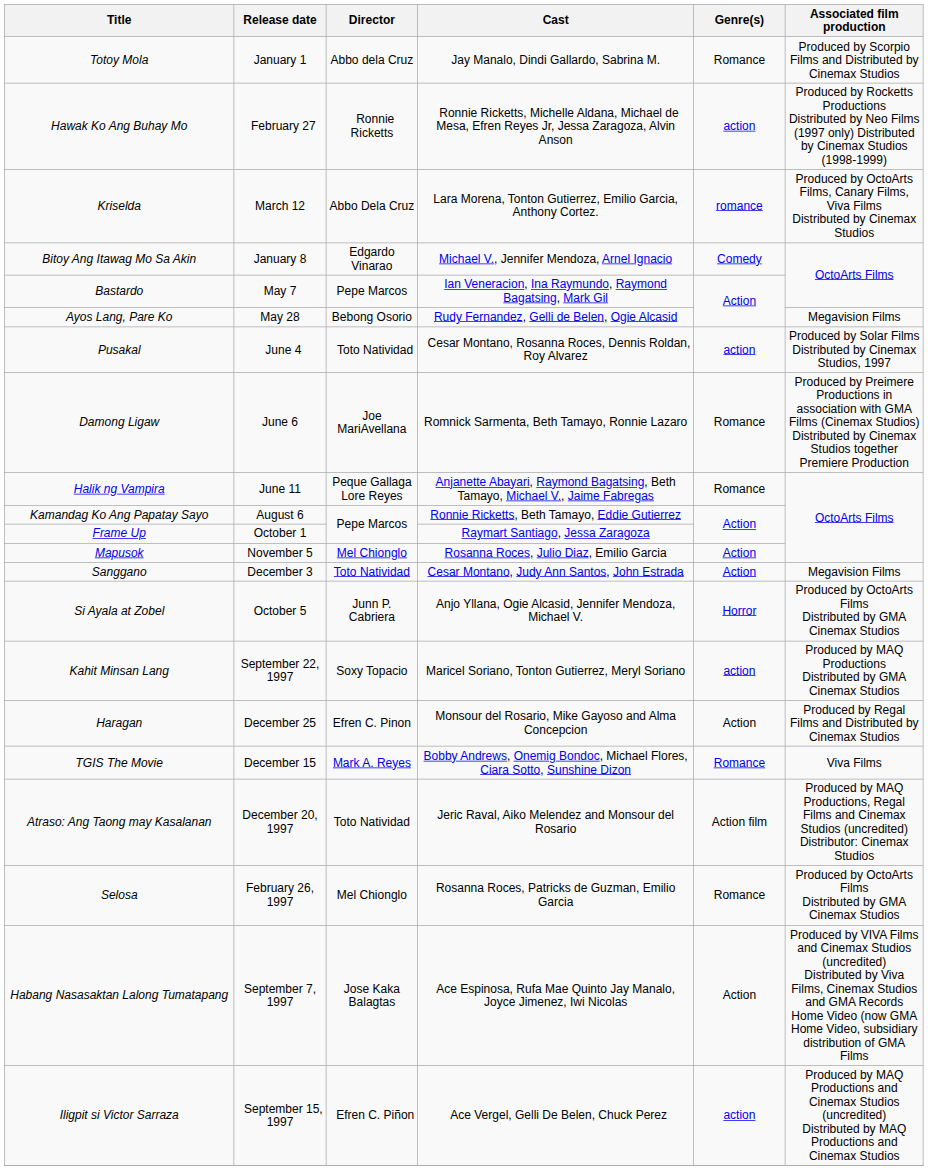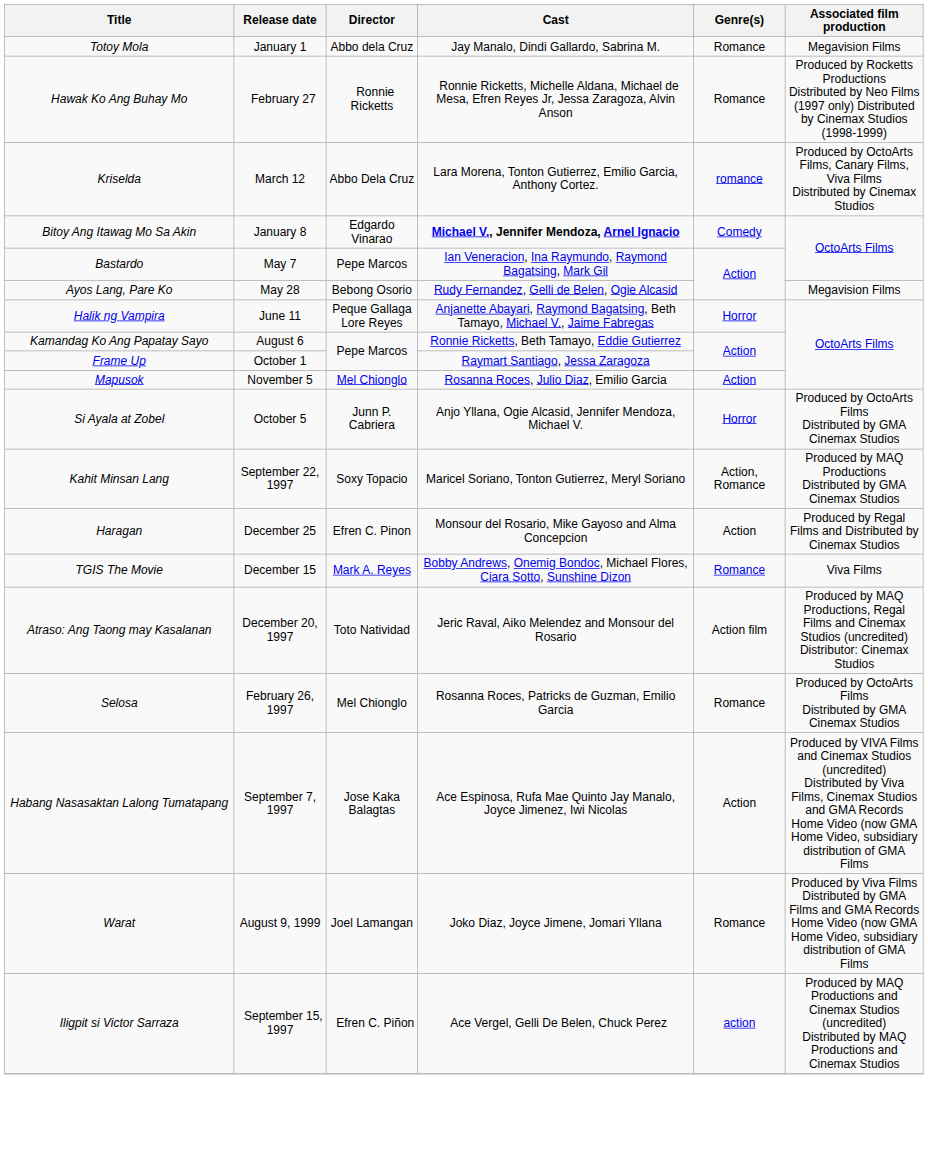 <table class="wikitable" "toccolours sortable" style="width:97%; text-align:center">
 <tr>
 <th style="width:25%;">Title</th>
 <th style="width:10%;">Release date</th>
 <th style="width:10%;">Director</th>
 <th style="width:30%;">Cast</th>
 <th style="width:10%;">Genre(s)</th>
 <th style="width:15%;">Associated film production</th>
 </tr>
 <tr>
 <td><em>Totoy Mola</em></td>
 <td>January 1</td>
 <td>Abbo dela Cruz</td>
 <td>Jay Manalo, Dindi Gallardo, Sabrina M.</td>
 <td>Romance</td>
-<td>Produced by Scorpio Films and Distributed by Cinemax Studios </td>
+<td>Megavision Films</td>
 </tr>
 <tr>
 <td><em>Hawak Ko Ang Buhay Mo</em></td>
 <td>  February 27</td>
 <td>  Ronnie Ricketts</td>
 <td>  Ronnie Ricketts, Michelle Aldana, Michael de Mesa, Efren Reyes Jr, Jessa Zaragoza, Alvin Anson</td>
-<td><a href='#'>action</a></td>
+<td>Romance</td>
 <td>Produced by Rocketts Productions<br>Distributed by Neo Films (1997 only) Distributed by Cinemax Studios (1998-1999) </td>
 </tr>
 <tr>
 <td><em>Kriselda</em></td>
 <td>March 12</td>
 <td>Abbo Dela Cruz</td>
 <td>Lara Morena, Tonton Gutierrez, Emilio Garcia, Anthony Cortez.</td>
 <td><a href='#'>romance</a></td>
 <td>Produced by OctoArts Films, Canary Films, Viva Films<br>Distributed by Cinemax Studios </td>
 </tr>
 <tr>
 <td><em>Bitoy Ang Itawag Mo Sa Akin</em></td>
 <td>January 8</td>
 <td>Edgardo Vinarao</td>
-<td><a href='#'>Michael V.</a>, Jennifer Mendoza, <a href='#'>Arnel Ignacio</a></td>
+<td><strong><a href='#'>Michael V.</a>, Jennifer Mendoza, <a href='#'>Arnel Ignacio</a></strong></td>
 <td><a href='#'>Comedy</a></td>
 <td rowspan="2"><a href='#'>OctoArts Films</a></td>
 </tr>
 <tr>
 <td><em>Bastardo</em></td>
 <td>May 7</td>
 <td>Pepe Marcos</td>
 <td><a href='#'>Ian Veneracion</a>, <a href='#'>Ina Raymundo</a>, <a href='#'>Raymond Bagatsing</a>, <a href='#'>Mark Gil</a></td>
 <td rowspan="2"><a href='#'>Action</a></td>
 </tr>
 <tr>
 <td><em>Ayos Lang, Pare Ko</em></td>
 <td>May 28</td>
 <td>Bebong Osorio</td>
 <td><a href='#'>Rudy Fernandez</a>, <a href='#'>Gelli de Belen</a>, <a href='#'>Ogie Alcasid</a></td>
 <td>Megavision Films</td>
 </tr>
 <tr>
-<td><em>Pusakal</em></td>
-<td>  June 4</td>
-<td>  Toto Natividad</td>
-<td>  Cesar Montano, Rosanna Roces, Dennis Roldan, Roy Alvarez</td>
-<td><a href='#'>action</a></td>
-<td>Produced by Solar Films<br>Distributed by Cinemax Studios, 1997 </td>
-</tr>
-<tr>
-<td><em>Damong Ligaw</em></td>
-<td>June 6</td>
-<td>Joe MariAvellana</td>
-<td>Romnick Sarmenta, Beth Tamayo, Ronnie Lazaro</td>
-<td>Romance</td>
-<td>Produced by Preimere Productions in association with GMA Films (Cinemax Studios)<br>Distributed by Cinemax  Studios together Premiere Production </td>
-</tr>
-<tr>
 <td><em><a href='#'>Halik ng Vampira</a></em></td>
 <td>June 11</td>
 <td>Peque Gallaga<br>Lore Reyes</td>
 <td><a href='#'>Anjanette Abayari</a>, <a href='#'>Raymond Bagatsing</a>, Beth Tamayo, <a href='#'>Michael V.</a>, <a href='#'>Jaime Fabregas</a></td>
-<td>Romance</td>
+<td><a href='#'>Horror</a></td>
 <td rowspan="4"><a href='#'>OctoArts Films</a></td>
 </tr>
 <tr>
 <td><em>Kamandag Ko Ang Papatay Sayo</em></td>
 <td>August 6</td>
 <td rowspan="2">Pepe Marcos</td>
 <td><a href='#'>Ronnie Ricketts</a>, Beth Tamayo, <a href='#'>Eddie Gutierrez</a></td>
 <td rowspan="2"><a href='#'>Action</a></td>
 </tr>
 <tr>
 <td><em><a href='#'>Frame Up</a></em></td>
 <td>October 1</td>
 <td><a href='#'>Raymart Santiago</a>, <a href='#'>Jessa Zaragoza</a></td>
 </tr>
 <tr>
 <td><em><a href='#'>Mapusok</a></em></td>
 <td>November 5</td>
 <td><a href='#'>Mel Chionglo</a></td>
 <td><a href='#'>Rosanna Roces</a>, <a href='#'>Julio Diaz</a>, Emilio Garcia</td>
 <td><a href='#'>Action</a></td>
 </tr>
 <tr>
-<td><em>Sanggano</em></td>
-<td>December 3</td>
-<td><a href='#'>Toto Natividad</a></td>
-<td><a href='#'>Cesar Montano</a>, <a href='#'>Judy Ann Santos</a>, <a href='#'>John Estrada</a></td>
-<td><a href='#'>Action</a></td>
-<td>Megavision Films</td>
-</tr>
-<tr>
 <td><em>Si Ayala at Zobel</em></td>
 <td>October 5</td>
 <td>Junn P. Cabriera</td>
 <td>Anjo Yllana,  Ogie Alcasid, Jennifer Mendoza, Michael V.</td>
 <td><a href='#'>Horror</a></td>
 <td>Produced by OctoArts Films<br>Distributed by GMA Cinemax Studios </td>
 </tr>
 <tr>
 <td><em>Kahit Minsan Lang </em></td>
 <td>September 22, 1997</td>
 <td>Soxy Topacio</td>
 <td>Maricel Soriano, Tonton Gutierrez, Meryl Soriano</td>
-<td><a href='#'>action</a></td>
+<td>Action, Romance</td>
 <td>Produced by MAQ Productions<br>Distributed by GMA  Cinemax Studios   </td>
 </tr>
 <tr>
 <td><em>Haragan</em></td>
 <td>December 25</td>
 <td>Efren C. Pinon</td>
 <td>Monsour del Rosario, Mike Gayoso and Alma Concepcion</td>
 <td>Action</td>
 <td>Produced by Regal Films and Distributed by Cinemax Studios </td>
 </tr>
 <tr>
 <td><em>TGIS The Movie</em></td>
 <td>December 15</td>
 <td><a href='#'>Mark A. Reyes</a></td>
 <td><a href='#'>Bobby Andrews</a>, <a href='#'>Onemig Bondoc</a>, Michael Flores, <a href='#'>Ciara Sotto</a>, <a href='#'>Sunshine Dizon</a></td>
 <td><a href='#'>Romance</a></td>
 <td>Viva Films</td>
 </tr>
 <tr>
 <td><em>Atraso: Ang Taong may Kasalanan</em></td>
 <td>December 20, 1997</td>
 <td>Toto Natividad</td>
 <td>Jeric Raval,  Aiko Melendez and Monsour del Rosario</td>
 <td>Action film</td>
 <td>Produced by MAQ Productions, Regal Films and Cinemax Studios (uncredited)<br>Distributor:  Cinemax Studios </td>
 </tr>
 <tr>
 <td><em>Selosa</em></td>
 <td>February 26, 1997</td>
 <td>Mel Chionglo</td>
 <td>Rosanna Roces, Patricks de Guzman, Emilio Garcia</td>
 <td>Romance</td>
 <td>Produced by OctoArts Films<br>Distributed by GMA Cinemax Studios </td>
 </tr>
 <tr>
 <td><em>Habang Nasasaktan Lalong Tumatapang</em></td>
 <td>September 7, 1997</td>
 <td>Jose Kaka Balagtas</td>
 <td>Ace Espinosa, Rufa Mae Quinto Jay Manalo, Joyce Jimenez, Iwi Nicolas</td>
 <td>Action</td>
 <td>Produced by VIVA Films and Cinemax Studios (uncredited)<br>Distributed by Viva Films, Cinemax Studios and GMA Records Home Video (now GMA Home Video, subsidiary distribution of GMA Films </td>
 </tr>
 <tr>
+<td><em>Warat</em></td>
+<td>August 9, 1999</td>
+<td>Joel Lamangan</td>
+<td>Joko Diaz, Joyce Jimene, Jomari Yllana</td>
+<td>Romance</td>
+<td>Produced by Viva Films <br>Distributed by GMA Films and GMA Records Home Video (now GMA Home Video, subsidiary distribution of GMA Films </td>
+</tr>
+<tr>
 <td><em>Iligpit si Victor Sarraza</em></td>
 <td>  September 15, 1997</td>
 <td>  Efren C. Piñon</td>
 <td>  Ace Vergel, Gelli De Belen, Chuck Perez</td>
 <td><a href='#'>action</a></td>
 <td>Produced by MAQ Productions and Cinemax Studios (uncredited)<br>Distributed by MAQ Productions and Cinemax  Studios </td>
 </tr>
 <tr>
 </tr>
 </table>
